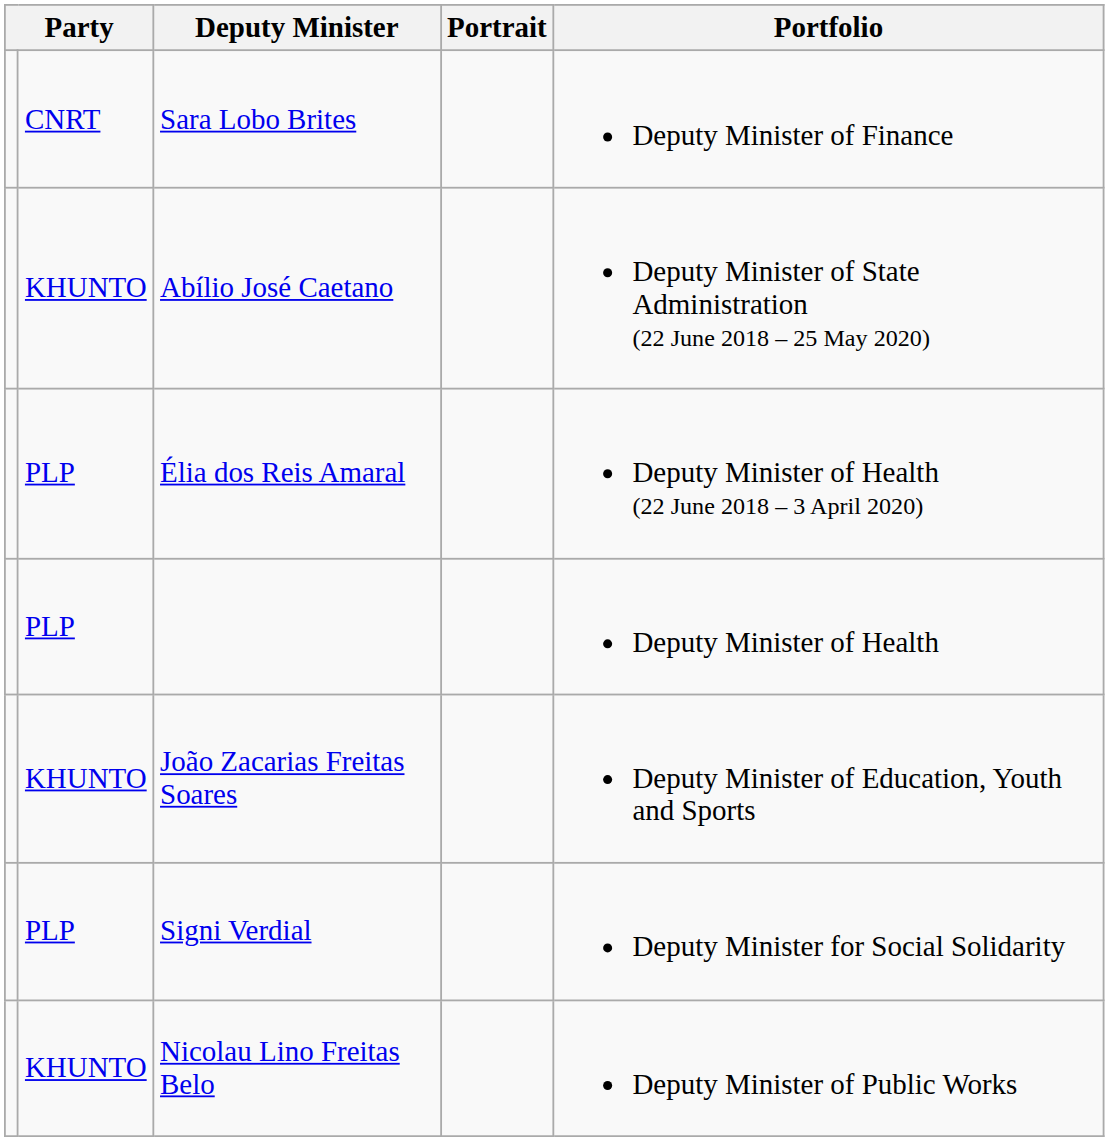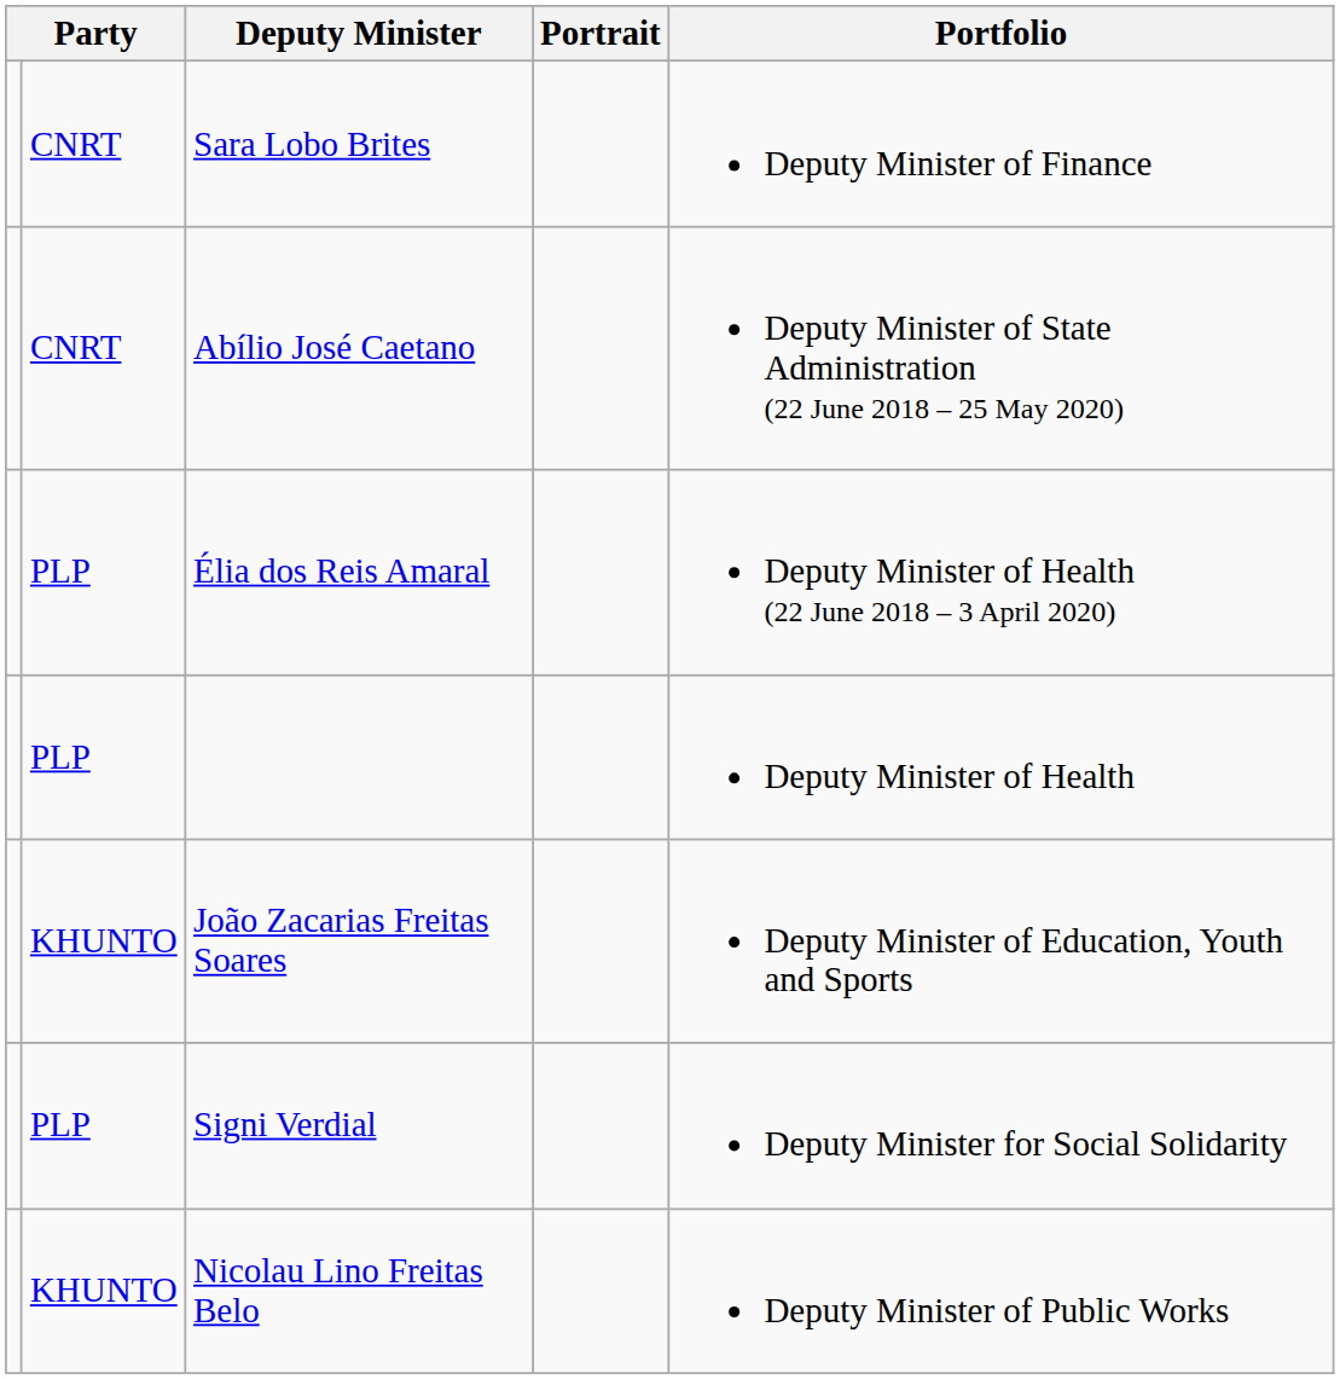 <table class="wikitable sortable">
 <tr>
 <th colspan="2">Party</th>
 <th>Deputy Minister</th>
 <th>Portrait</th>
 <th>Portfolio</th>
 </tr>
 <tr>
 <td style="background:"></td>
 <td><a href='#'>CNRT</a></td>
 <td><a href='#'>Sara Lobo Brites</a></td>
 <td></td>
 <td><br><ul><li>Deputy Minister of Finance</li></ul></td>
 </tr>
 <tr>
 <td style="background:"></td>
-<td><a href='#'>KHUNTO</a></td>
+<td><a href='#'>CNRT</a></td>
 <td><a href='#'>Abílio José Caetano</a></td>
 <td></td>
 <td><br><ul><li>Deputy Minister of State Administration<br><small>(22 June 2018 – 25 May 2020)</small></li></ul></td>
 </tr>
 <tr>
 <td style="background:"></td>
 <td><a href='#'>PLP</a></td>
 <td><a href='#'>Élia dos Reis Amaral</a></td>
 <td></td>
 <td><br><ul><li>Deputy Minister of Health<br><small>(22 June 2018 – 3 April 2020)</small></li></ul></td>
 </tr>
 <tr>
 <td style="background:"></td>
 <td><a href='#'>PLP</a></td>
 <td></td>
 <td></td>
 <td><br><ul><li>Deputy Minister of Health</li></ul></td>
 </tr>
 <tr>
 <td style="background:"></td>
 <td><a href='#'>KHUNTO</a></td>
 <td><a href='#'>João Zacarias Freitas Soares</a></td>
 <td></td>
 <td><br><ul><li>Deputy Minister of Education, Youth and Sports</li></ul></td>
 </tr>
 <tr>
 <td style="background:"></td>
 <td><a href='#'>PLP</a></td>
 <td><a href='#'>Signi Verdial</a></td>
 <td></td>
 <td><br><ul><li>Deputy Minister for Social Solidarity</li></ul></td>
 </tr>
 <tr>
 <td style="background:"></td>
 <td><a href='#'>KHUNTO</a></td>
 <td><a href='#'>Nicolau Lino Freitas Belo</a></td>
 <td></td>
 <td><br><ul><li>Deputy Minister of Public Works</li></ul></td>
 </tr>
 </table>
